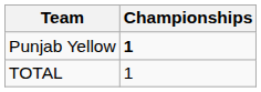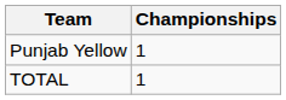 <table class="wikitable">
 <tr>
 <th>Team</th>
 <th>Championships</th>
 </tr>
 <tr>
 <td>Punjab Yellow</td>
-<td><strong>1</strong></td>
+<td>1</td>
 </tr>
 <tr>
 <td>TOTAL</td>
 <td>1</td>
 </tr>
 </table>
